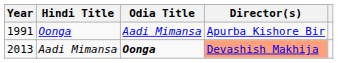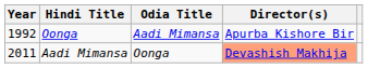 <table class="wikitable sortable">
 <tr>
 <th>Year</th>
 <th>Hindi Title</th>
 <th>Odia Title</th>
 <th>Director(s)</th>
 <th class="unsortable"></th>
 </tr>
 <tr>
-<td>1991</td>
+<td>1992</td>
 <td><em><a href='#'>Oonga</a></em></td>
 <td><em><a href='#'>Aadi Mimansa</a></em></td>
 <td><a href='#'>Apurba Kishore Bir</a></td>
 <td></td>
 </tr>
 <tr>
-<td>2013</td>
+<td>2011</td>
 <td><em>Aadi Mimansa</em></td>
-<td><strong><em>Oonga</em></strong></td>
+<td><em>Oonga</em></td>
 <td style="background: lightsalmon;"><a href='#'>Devashish Makhija</a></td>
 <td></td>
 </tr>
 </table>
